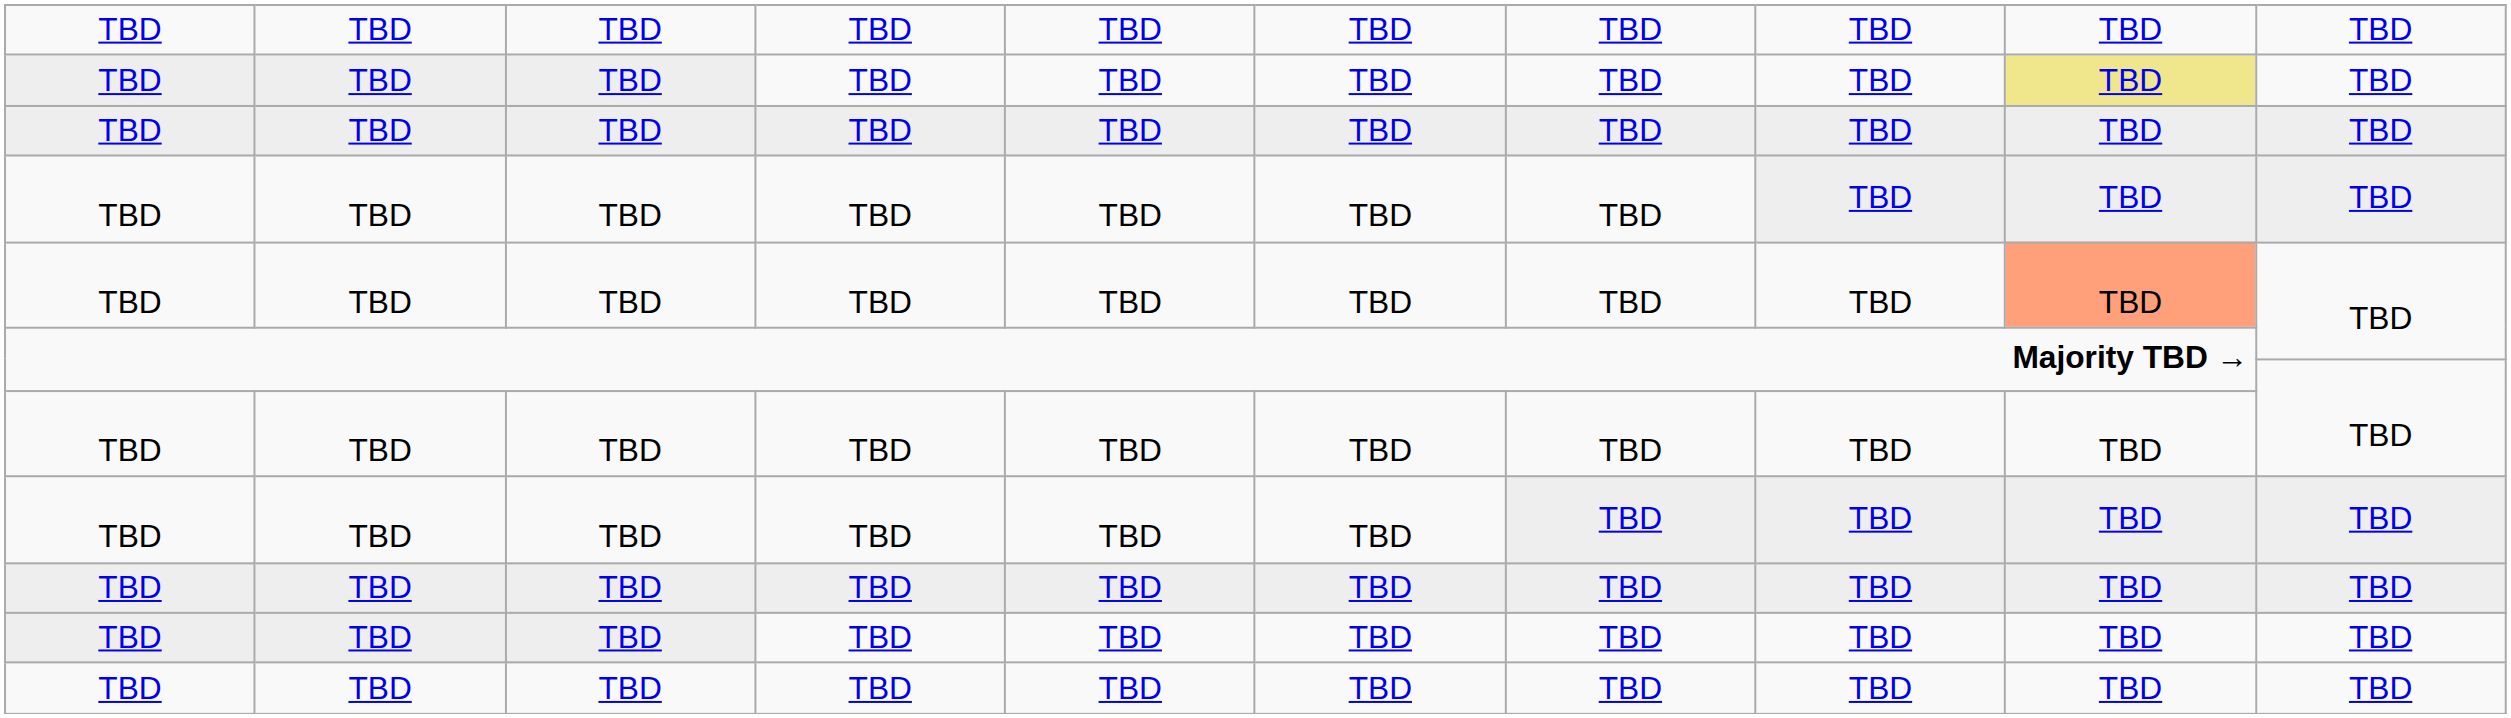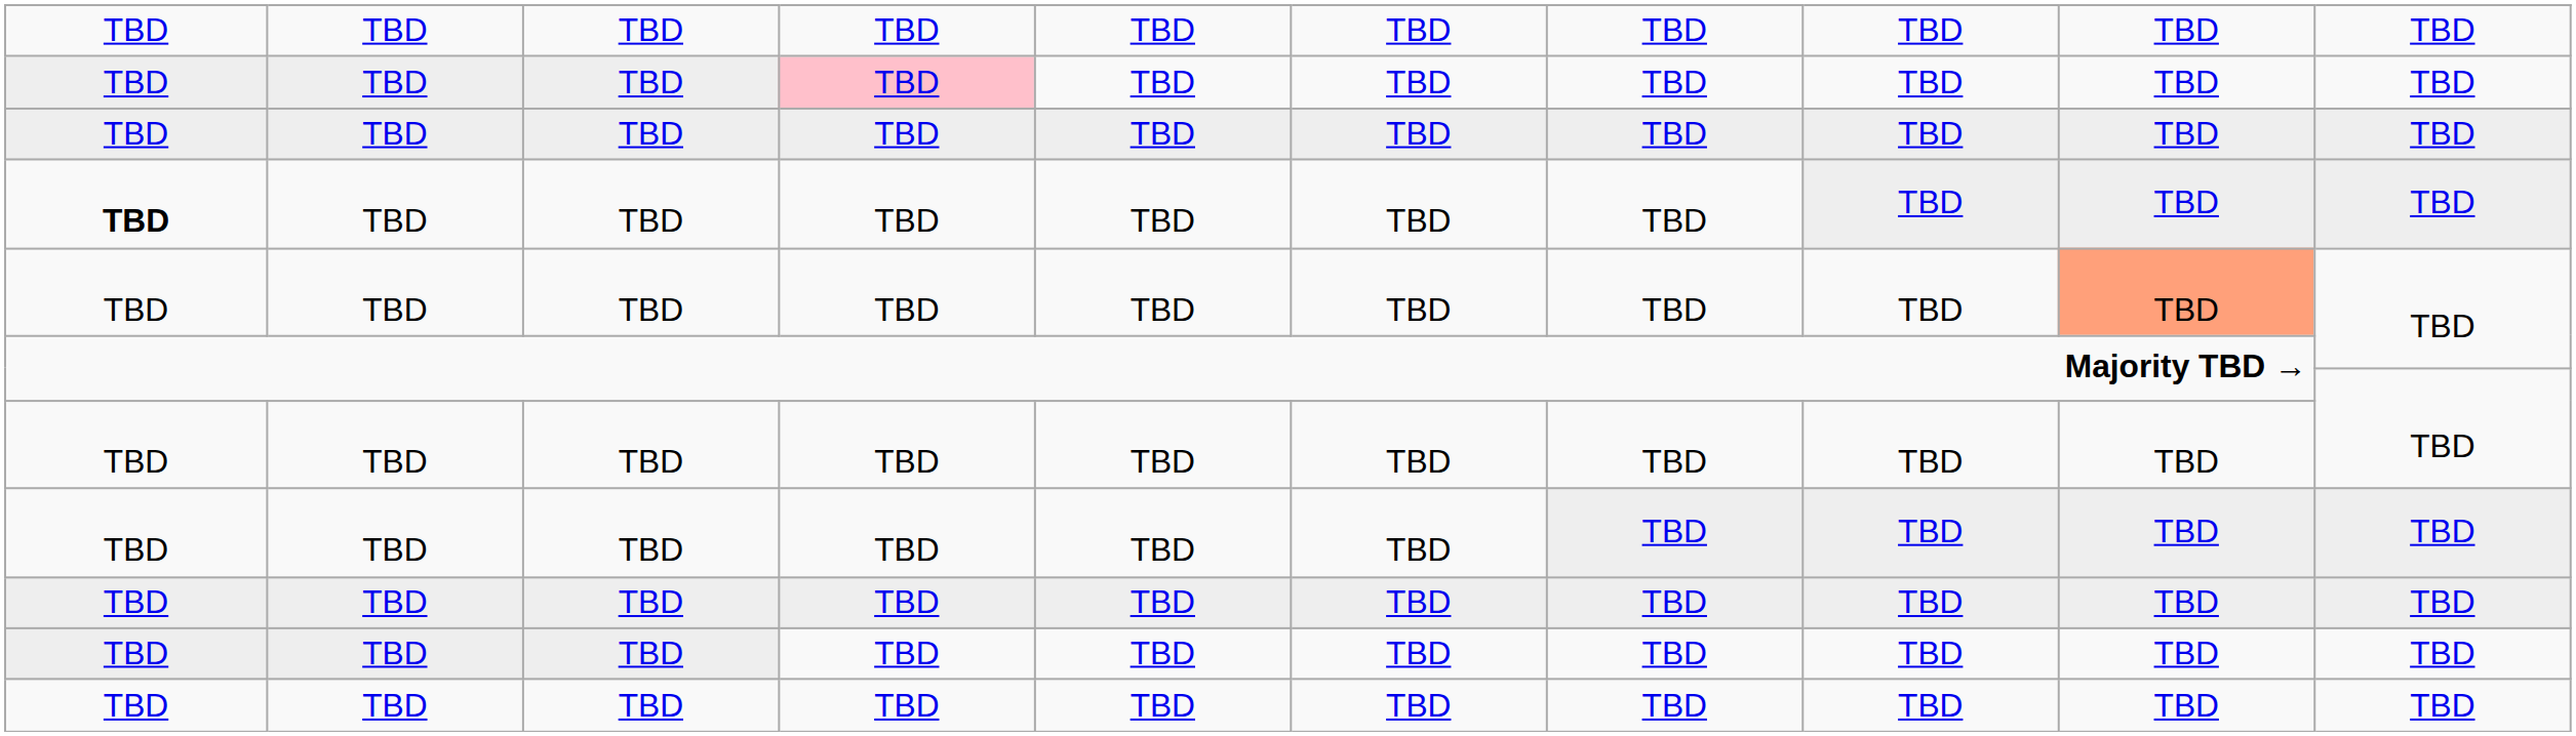 <table class="wikitable" style="text-align:center; width:100%">
 <tr>
 <td><a href='#'>TBD<br></a></td>
 <td><a href='#'>TBD<br></a></td>
 <td><a href='#'>TBD<br></a></td>
 <td><a href='#'>TBD<br></a></td>
 <td><a href='#'>TBD<br></a></td>
 <td><a href='#'>TBD<br></a></td>
 <td><a href='#'>TBD<br></a></td>
 <td><a href='#'>TBD<br></a></td>
 <td><a href='#'>TBD<br></a></td>
 <td><a href='#'>TBD<br></a></td>
 </tr>
 <tr>
 <td style="background:#eee;"><a href='#'>TBD<br></a></td>
 <td style="background:#eee;"><a href='#'>TBD<br></a></td>
 <td style="background:#eee;"><a href='#'>TBD<br></a></td>
+<td style="background: pink;"><a href='#'>TBD<br></a></td>
 <td><a href='#'>TBD<br></a></td>
 <td><a href='#'>TBD<br></a></td>
 <td><a href='#'>TBD<br></a></td>
 <td><a href='#'>TBD<br></a></td>
 <td><a href='#'>TBD<br></a></td>
-<td style="background: khaki;"><a href='#'>TBD<br></a></td>
 <td><a href='#'>TBD<br></a></td>
 </tr>
 <tr>
 <td style="background:#eee;"><a href='#'>TBD<br></a></td>
 <td style="background:#eee;"><a href='#'>TBD<br></a></td>
 <td style="background:#eee;"><a href='#'>TBD<br></a></td>
 <td style="background:#eee;"><a href='#'>TBD<br></a></td>
 <td style="background:#eee;"><a href='#'>TBD<br></a></td>
 <td style="background:#eee;"><a href='#'>TBD<br></a></td>
 <td style="background:#eee;"><a href='#'>TBD<br></a></td>
 <td style="background:#eee;"><a href='#'>TBD<br></a></td>
 <td style="background:#eee;"><a href='#'>TBD<br></a></td>
 <td style="background:#eee;"><a href='#'>TBD<br></a></td>
 </tr>
 <tr>
-<td><br>TBD</td>
+<td><strong><br>TBD</strong></td>
 <td><br>TBD</td>
 <td><br>TBD</td>
 <td><br>TBD</td>
 <td><br>TBD</td>
 <td><br>TBD</td>
 <td><br>TBD</td>
 <td style="background:#eee;"><a href='#'>TBD<br></a></td>
 <td style="background:#eee;"><a href='#'>TBD<br></a></td>
 <td style="background:#eee;"><a href='#'>TBD<br></a></td>
 </tr>
 <tr>
 <td><br>TBD</td>
 <td><br>TBD</td>
 <td><br>TBD</td>
 <td><br>TBD</td>
 <td><br>TBD</td>
 <td><br>TBD</td>
 <td><br>TBD</td>
 <td><br>TBD</td>
 <td style="background: lightsalmon;"><br>TBD</td>
 <td rowspan=2 ><br>TBD</td>
 </tr>
 <tr style="height:1em">
 <td rowspan=2 colspan=9 style="text-align:right"><strong>Majority TBD →</strong></td>
 </tr>
 <tr style="height:1em">
 <td rowspan=2 ><br>TBD</td>
 </tr>
 <tr>
 <td><br>TBD</td>
 <td><br>TBD</td>
 <td><br>TBD</td>
 <td><br>TBD</td>
 <td><br>TBD</td>
 <td><br>TBD</td>
 <td><br>TBD</td>
 <td><br>TBD</td>
 <td><br>TBD</td>
 </tr>
 <tr>
 <td><br>TBD</td>
 <td><br>TBD</td>
 <td><br>TBD</td>
 <td><br>TBD</td>
 <td><br>TBD</td>
 <td><br>TBD</td>
 <td style="background:#eee;"><a href='#'>TBD<br></a></td>
 <td style="background:#eee;"><a href='#'>TBD<br></a></td>
 <td style="background:#eee;"><a href='#'>TBD<br></a></td>
 <td style="background:#eee;"><a href='#'>TBD<br></a></td>
 </tr>
 <tr>
 <td style="background:#eee;"><a href='#'>TBD<br></a></td>
 <td style="background:#eee;"><a href='#'>TBD<br></a></td>
 <td style="background:#eee;"><a href='#'>TBD<br></a></td>
 <td style="background:#eee;"><a href='#'>TBD<br></a></td>
 <td style="background:#eee;"><a href='#'>TBD<br></a></td>
 <td style="background:#eee;"><a href='#'>TBD<br></a></td>
 <td style="background:#eee;"><a href='#'>TBD<br></a></td>
 <td style="background:#eee;"><a href='#'>TBD<br></a></td>
 <td style="background:#eee;"><a href='#'>TBD<br></a></td>
 <td style="background:#eee;"><a href='#'>TBD<br></a></td>
 </tr>
 <tr>
 <td style="background:#eee;"><a href='#'>TBD<br></a></td>
 <td style="background:#eee;"><a href='#'>TBD<br></a></td>
 <td style="background:#eee;"><a href='#'>TBD<br></a></td>
 <td><a href='#'>TBD<br></a></td>
 <td><a href='#'>TBD<br></a></td>
 <td><a href='#'>TBD<br></a></td>
 <td><a href='#'>TBD<br></a></td>
 <td><a href='#'>TBD<br></a></td>
 <td><a href='#'>TBD<br></a></td>
 <td><a href='#'>TBD<br></a></td>
 </tr>
 <tr>
 <td><a href='#'>TBD<br></a></td>
 <td><a href='#'>TBD<br></a></td>
 <td><a href='#'>TBD<br></a></td>
 <td><a href='#'>TBD<br></a></td>
 <td><a href='#'>TBD<br></a></td>
 <td><a href='#'>TBD<br></a></td>
 <td><a href='#'>TBD<br></a></td>
 <td><a href='#'>TBD<br></a></td>
 <td><a href='#'>TBD<br></a></td>
 <td><a href='#'>TBD<br></a></td>
 </tr>
 </table>
